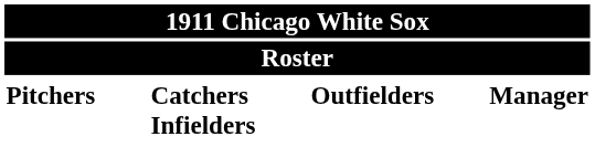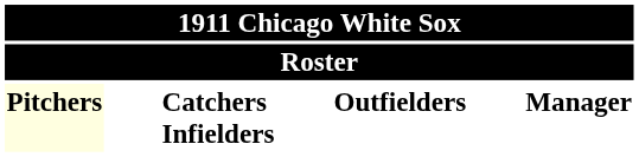 <table class="toccolours" style="font-size: 95%;">
 <tr>
 <th colspan="10" style="background-color: black; color: white; text-align: center;">1911 Chicago White Sox</th>
 </tr>
 <tr>
 <td colspan="10" style="background-color: black; color: white; text-align: center;"><strong>Roster</strong></td>
 </tr>
 <tr>
-<td valign="top"><strong>Pitchers</strong><br>         </td>
+<td valign="top" style="background: lightyellow;"><strong>Pitchers</strong><br>         </td>
 <td width="25px"></td>
 <td valign="top"><strong>Catchers</strong><br>     <strong>Infielders</strong>           </td>
 <td width="25px"></td>
 <td valign="top"><strong>Outfielders</strong><br>       </td>
 <td width="25px"></td>
 <td valign="top"><strong>Manager</strong><br></td>
 </tr>
 </table>
